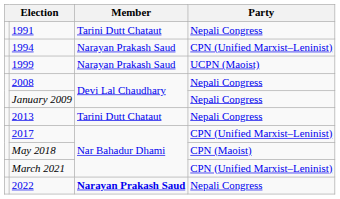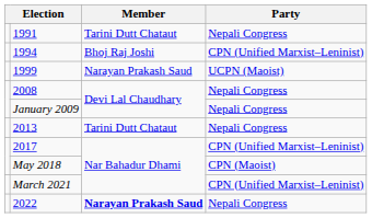 <table class="wikitable">
 <tr>
 <th colspan="2">Election</th>
 <th>Member</th>
 <th>Party</th>
 </tr>
 <tr>
 <td style="background-color:"></td>
 <td><a href='#'>1991</a></td>
 <td><a href='#'>Tarini Dutt Chataut</a></td>
 <td><a href='#'>Nepali Congress</a></td>
 </tr>
 <tr>
 <td style="background-color:"></td>
 <td><a href='#'>1994</a></td>
-<td><a href='#'>Narayan Prakash Saud</a></td>
+<td><a href='#'>Bhoj Raj Joshi</a></td>
 <td><a href='#'>CPN (Unified Marxist–Leninist)</a></td>
 </tr>
 <tr>
 <td style="background-color:"></td>
 <td><a href='#'>1999</a></td>
 <td><a href='#'>Narayan Prakash Saud</a></td>
 <td><a href='#'>UCPN (Maoist)</a></td>
 </tr>
 <tr>
 <td rowspan="2" style="background-color:"></td>
 <td><a href='#'>2008</a></td>
 <td rowspan="2"><a href='#'>Devi Lal Chaudhary</a></td>
 <td><a href='#'>Nepali Congress</a></td>
 </tr>
 <tr>
 <td><em>January 2009</em></td>
 <td><a href='#'>Nepali Congress</a></td>
 </tr>
 <tr>
 <td style="background-color:"></td>
 <td><a href='#'>2013</a></td>
 <td><a href='#'>Tarini Dutt Chataut</a></td>
 <td><a href='#'>Nepali Congress</a></td>
 </tr>
 <tr>
 <td rowspan="2" style="background-color:"></td>
 <td><a href='#'>2017</a></td>
 <td rowspan="3"><a href='#'>Nar Bahadur Dhami</a></td>
 <td><a href='#'>CPN (Unified Marxist–Leninist)</a></td>
 </tr>
 <tr>
 <td><em>May 2018</em></td>
 <td><a href='#'>CPN (Maoist)</a></td>
 </tr>
 <tr>
 <td></td>
 <td><em>March 2021</em></td>
 <td><a href='#'>CPN (Unified Marxist–Leninist)</a></td>
 </tr>
 <tr>
 <td style="background-color:"></td>
 <td><a href='#'>2022</a></td>
 <td><strong><a href='#'>Narayan Prakash Saud</a></strong></td>
 <td><a href='#'>Nepali Congress</a></td>
 </tr>
 </table>
